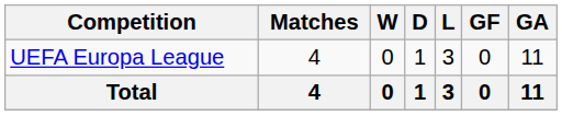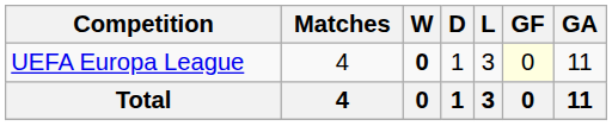 <table class="wikitable" width=400px>
 <tr>
 <th>Competition</th>
 <th>Matches</th>
 <th>W</th>
 <th>D</th>
 <th>L</th>
 <th>GF</th>
 <th>GA</th>
 </tr>
 <tr align=center>
 <td align=left><a href='#'>UEFA Europa League</a></td>
 <td>4</td>
-<td>0</td>
+<td><strong>0</strong></td>
 <td>1</td>
 <td>3</td>
-<td>0</td>
+<td style="background: lightyellow;">0</td>
 <td>11</td>
 </tr>
 <tr align=center>
 <th>Total</th>
 <th>4</th>
 <th>0</th>
 <th>1</th>
 <th>3</th>
 <th>0</th>
 <th>11</th>
 </tr>
 <tr>
 </tr>
 </table>
